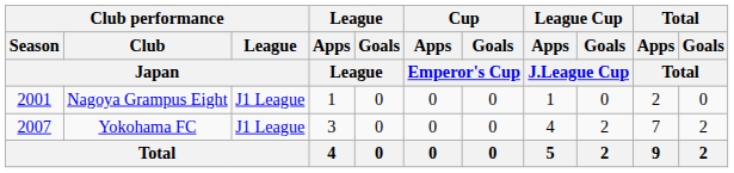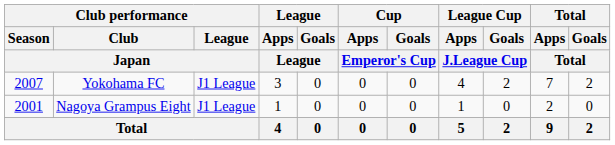 <table class="wikitable" style="text-align:center;">
 <tr>
 <th colspan=3>Club performance</th>
 <th colspan=2>League</th>
 <th colspan=2>Cup</th>
 <th colspan=2>League Cup</th>
 <th colspan=2>Total</th>
 </tr>
 <tr>
 <th>Season</th>
 <th>Club</th>
 <th>League</th>
 <th>Apps</th>
 <th>Goals</th>
 <th>Apps</th>
 <th>Goals</th>
 <th>Apps</th>
 <th>Goals</th>
 <th>Apps</th>
 <th>Goals</th>
 </tr>
 <tr>
 <th colspan=3>Japan</th>
 <th colspan=2>League</th>
 <th colspan=2><a href='#'>Emperor's Cup</a></th>
 <th colspan=2><a href='#'>J.League Cup</a></th>
 <th colspan=2>Total</th>
 </tr>
 <tr>
+<td><a href='#'>2007</a></td>
+<td><a href='#'>Yokohama FC</a></td>
+<td><a href='#'>J1 League</a></td>
+<td>3</td>
+<td>0</td>
+<td>0</td>
+<td>0</td>
+<td>4</td>
+<td>2</td>
+<td>7</td>
+<td>2</td>
+</tr>
+<tr>
 <td><a href='#'>2001</a></td>
 <td><a href='#'>Nagoya Grampus Eight</a></td>
 <td><a href='#'>J1 League</a></td>
 <td>1</td>
 <td>0</td>
 <td>0</td>
 <td>0</td>
 <td>1</td>
 <td>0</td>
 <td>2</td>
 <td>0</td>
 </tr>
 <tr>
-<td><a href='#'>2007</a></td>
-<td><a href='#'>Yokohama FC</a></td>
-<td><a href='#'>J1 League</a></td>
-<td>3</td>
-<td>0</td>
-<td>0</td>
-<td>0</td>
-<td>4</td>
-<td>2</td>
-<td>7</td>
-<td>2</td>
-</tr>
-<tr>
 <th colspan=3>Total</th>
 <th>4</th>
 <th>0</th>
 <th>0</th>
 <th>0</th>
 <th>5</th>
 <th>2</th>
 <th>9</th>
 <th>2</th>
 </tr>
 </table>
